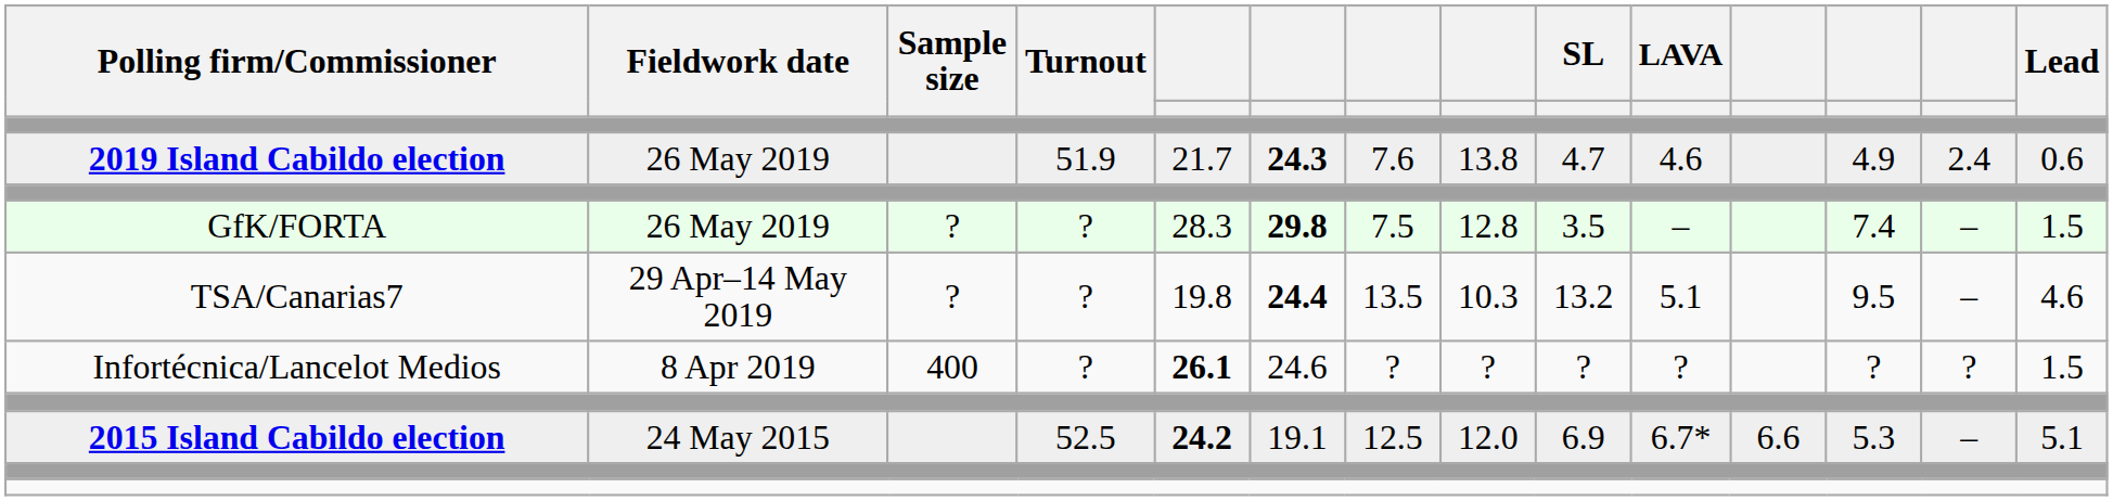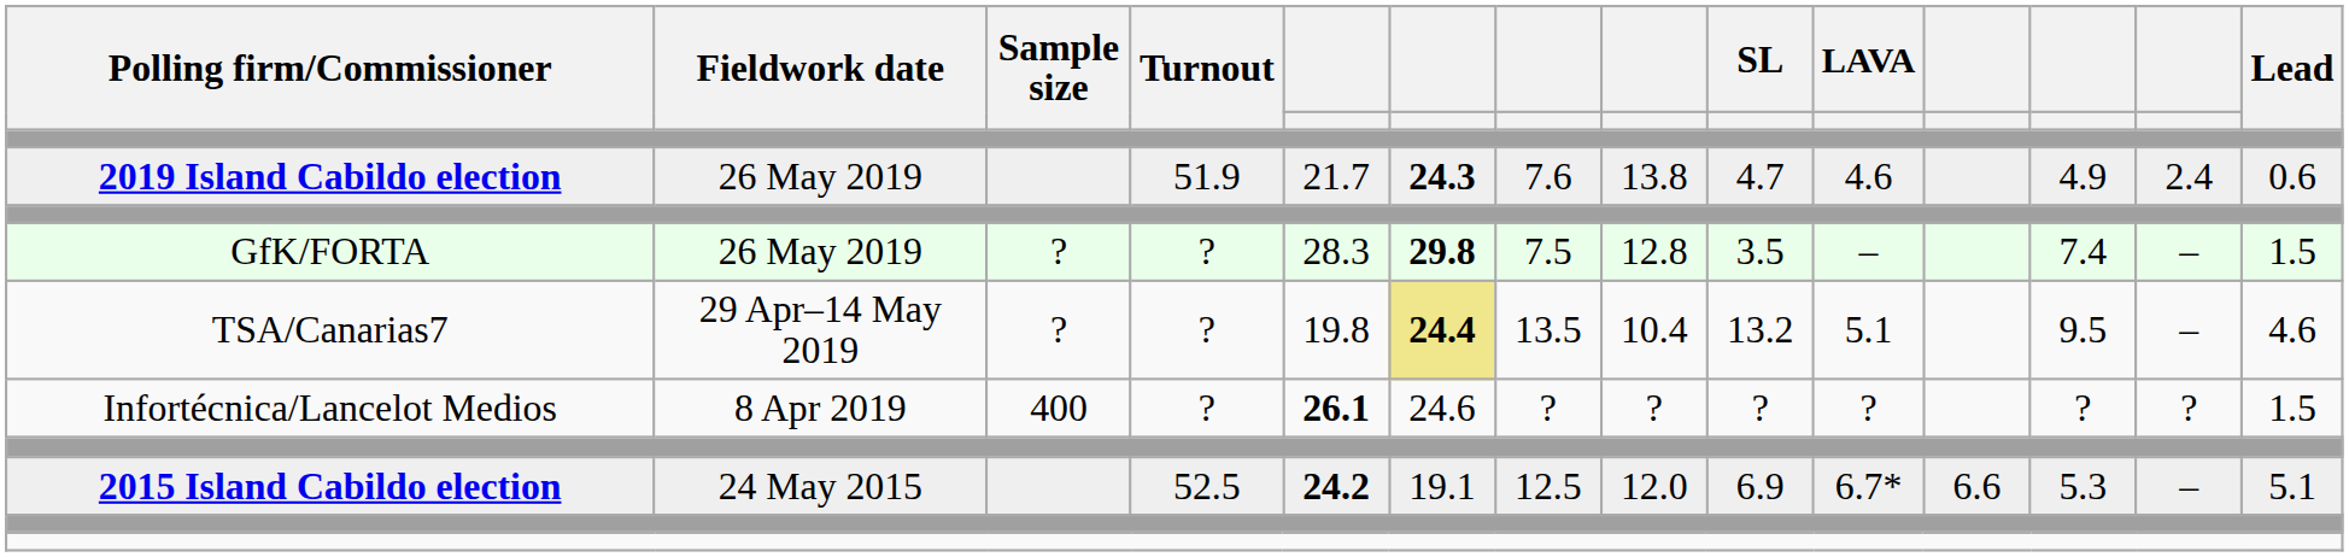 <table class="wikitable collapsible collapsed" style="text-align:center; font-size:95%; line-height:16px;">
 <tr style="height:42px;">
 <th style="width:250px;" rowspan="2">Polling firm/Commissioner</th>
 <th style="width:125px;" rowspan="2">Fieldwork date</th>
 <th style="width:50px;" rowspan="2">Sample size</th>
 <th style="width:45px;" rowspan="2">Turnout</th>
 <th style="width:35px;"></th>
 <th style="width:35px;"></th>
 <th style="width:35px;"></th>
 <th style="width:35px;"></th>
 <th style="width:35px;">SL</th>
 <th style="width:35px; font-size:95%;">LAVA</th>
 <th style="width:35px;"></th>
 <th style="width:35px;"></th>
 <th style="width:35px;"></th>
 <th style="width:30px;" rowspan="2">Lead</th>
 </tr>
 <tr>
 <th style="color:inherit;background:"></th>
 <th style="color:inherit;background:"></th>
 <th style="color:inherit;background:"></th>
 <th style="color:inherit;background:"></th>
 <th style="color:inherit;background:"></th>
 <th style="color:inherit;background:"></th>
 <th style="color:inherit;background:"></th>
 <th style="color:inherit;background:"></th>
 <th style="color:inherit;background:"></th>
 </tr>
 <tr>
 <td colspan="14" style="background:#A0A0A0"></td>
 </tr>
 <tr style="background:#EFEFEF;">
 <td><strong><a href='#'>2019 Island Cabildo election</a></strong></td>
 <td>26 May 2019</td>
 <td></td>
 <td>51.9</td>
 <td>21.7<br></td>
 <td><strong>24.3</strong><br></td>
 <td>7.6<br></td>
 <td>13.8<br></td>
 <td>4.7<br></td>
 <td>4.6<br></td>
 <td></td>
 <td>4.9<br></td>
 <td>2.4<br></td>
 <td style="background:">0.6</td>
 </tr>
 <tr>
 <td colspan="14" style="background:#A0A0A0"></td>
 </tr>
 <tr style="background:#EAFFEA;">
 <td>GfK/FORTA</td>
 <td>26 May 2019</td>
 <td>?</td>
 <td>?</td>
 <td>28.3<br></td>
 <td><strong>29.8</strong><br></td>
 <td>7.5<br></td>
 <td>12.8<br></td>
 <td>3.5<br></td>
 <td>–</td>
 <td></td>
 <td>7.4<br></td>
 <td>–</td>
 <td style="background:">1.5</td>
 </tr>
 <tr>
 <td>TSA/Canarias7</td>
 <td>29 Apr–14 May 2019</td>
 <td>?</td>
 <td>?</td>
 <td>19.8<br></td>
-<td><strong>24.4</strong><br></td>
+<td style="background: khaki;"><strong>24.4</strong><br></td>
 <td>13.5<br></td>
-<td>10.3<br></td>
+<td>10.4<br></td>
 <td>13.2<br></td>
 <td>5.1<br></td>
 <td></td>
 <td>9.5<br></td>
 <td>–</td>
 <td style="background:">4.6</td>
 </tr>
 <tr>
 <td>Infortécnica/Lancelot Medios</td>
 <td>8 Apr 2019</td>
 <td>400</td>
 <td>?</td>
 <td><strong>26.1</strong><br></td>
 <td>24.6<br></td>
 <td>?<br></td>
 <td>?<br></td>
 <td>?<br></td>
 <td>?<br></td>
 <td></td>
 <td>?<br></td>
 <td>?<br></td>
 <td style="background:">1.5</td>
 </tr>
 <tr>
 <td colspan="14" style="background:#A0A0A0"></td>
 </tr>
 <tr style="background:#EFEFEF;">
 <td><strong><a href='#'>2015 Island Cabildo election</a></strong></td>
 <td>24 May 2015</td>
 <td></td>
 <td>52.5</td>
 <td><strong>24.2</strong><br></td>
 <td>19.1<br></td>
 <td>12.5<br></td>
 <td>12.0<br></td>
 <td>6.9<br></td>
 <td>6.7*<br></td>
 <td>6.6<br></td>
 <td>5.3<br></td>
 <td>–</td>
 <td style="background:">5.1</td>
 </tr>
 <tr>
 <td colspan="14" style="background:#A0A0A0"></td>
 </tr>
 <tr>
 <td align="left" colspan="14"></td>
 </tr>
 </table>
